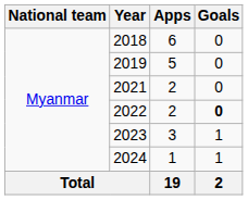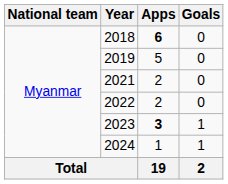 <table class=wikitable style=text-align:center>
 <tr>
 <th>National team</th>
 <th>Year</th>
 <th>Apps</th>
 <th>Goals</th>
 </tr>
 <tr>
 <td rowspan="6"><a href='#'>Myanmar</a></td>
 <td>2018</td>
-<td>6</td>
+<td><strong>6</strong></td>
 <td>0</td>
 </tr>
 <tr>
 <td>2019</td>
 <td>5</td>
 <td>0</td>
 </tr>
 <tr>
 <td>2021</td>
 <td>2</td>
 <td>0</td>
 </tr>
 <tr>
 <td>2022</td>
 <td>2</td>
-<td><strong>0</strong></td>
+<td>0</td>
 </tr>
 <tr>
 <td>2023</td>
-<td>3</td>
+<td><strong>3</strong></td>
 <td>1</td>
 </tr>
 <tr>
 <td>2024</td>
 <td>1</td>
 <td>1</td>
 </tr>
 <tr>
 <th colspan="2">Total</th>
 <th>19</th>
 <th>2</th>
 </tr>
 </table>
